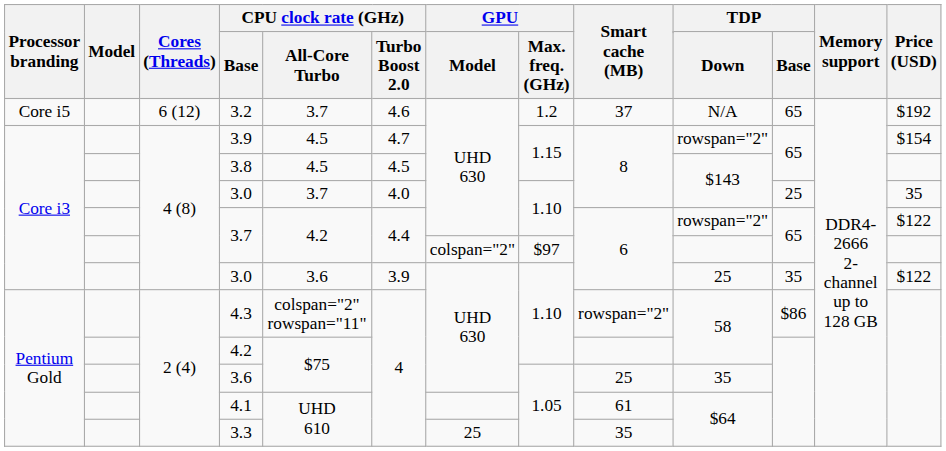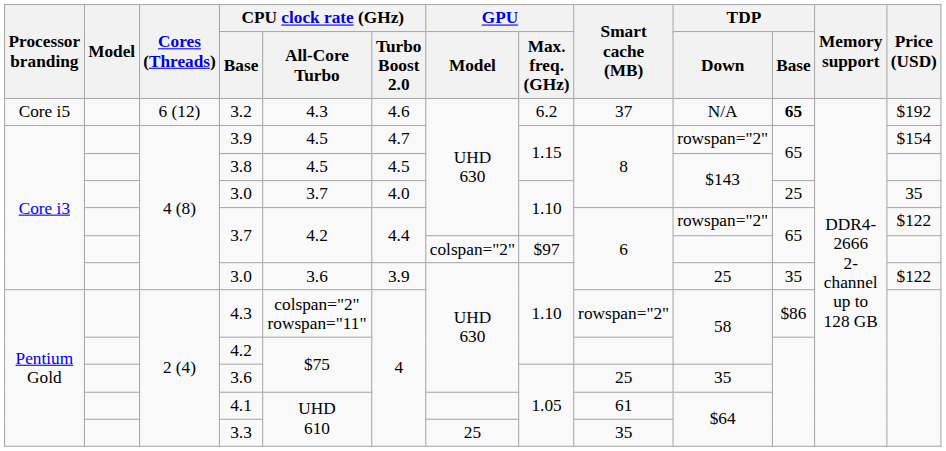 <table class="wikitable sortable" style="text-align: center;">
 <tr>
 <th rowspan="3">Processor<br>branding</th>
 <th rowspan="3">Model</th>
 <th rowspan="3"><a href='#'>Cores</a><br>(<a href='#'>Threads</a>)</th>
 <th colspan="3">CPU <a href='#'>clock rate</a> (GHz)</th>
 <th colspan="2"><a href='#'>GPU</a></th>
 <th rowspan="3">Smart<br>cache<br>(MB)</th>
 <th colspan="2" rowspan="2">TDP</th>
 <th rowspan="3">Memory<br>support</th>
 <th rowspan="3">Price<br>(USD)</th>
 </tr>
 <tr>
 <th rowspan="2">Base</th>
 <th rowspan="2">All-Core<br>Turbo</th>
 <th rowspan="2">Turbo<br>Boost 2.0</th>
 <th rowspan="2">Model</th>
 <th rowspan="2">Max.<br>freq. (GHz)</th>
 </tr>
 <tr>
 <th>Down</th>
 <th>Base</th>
 </tr>
 <tr>
 <td>Core i5</td>
 <td></td>
 <td>6 (12)</td>
 <td>3.2</td>
-<td>3.7</td>
+<td>4.3</td>
 <td>4.6</td>
 <td rowspan="5">UHD<br>630</td>
-<td>1.2</td>
+<td>6.2</td>
 <td>37</td>
 <td>N/A</td>
-<td>65</td>
+<td><strong>65</strong></td>
 <td rowspan="12">DDR4-2666<br>2-channel<br>up to 128 GB</td>
 <td>$192</td>
 </tr>
 <tr>
 <td rowspan="6"><a href='#'>Core i3</a></td>
 <td></td>
 <td rowspan="6">4 (8)</td>
 <td>3.9</td>
 <td>4.5</td>
 <td>4.7</td>
 <td rowspan="2">1.15</td>
 <td rowspan="3">8</td>
 <td>rowspan="2" </td>
 <td rowspan="2">65</td>
 <td>$154</td>
 </tr>
 <tr>
 <td></td>
 <td>3.8</td>
 <td>4.5</td>
 <td>4.5</td>
 <td rowspan="2">$143</td>
 </tr>
 <tr>
 <td></td>
 <td>3.0</td>
 <td>3.7</td>
 <td>4.0</td>
 <td rowspan="2">1.10</td>
 <td>25</td>
 <td>35</td>
 </tr>
 <tr>
 <td></td>
 <td rowspan="2">3.7</td>
 <td rowspan="2">4.2</td>
 <td rowspan="2">4.4</td>
 <td rowspan="3">6</td>
 <td>rowspan="2" </td>
 <td rowspan="2">65</td>
 <td>$122</td>
 </tr>
 <tr>
 <td></td>
 <td>colspan="2" </td>
 <td>$97</td>
 </tr>
 <tr>
 <td></td>
 <td>3.0</td>
 <td>3.6</td>
 <td>3.9</td>
 <td rowspan="4">UHD<br>630</td>
 <td rowspan="3">1.10</td>
 <td>25</td>
 <td>35</td>
 <td>$122</td>
 </tr>
 <tr>
 <td rowspan="5"><a href='#'>Pentium</a><br>Gold</td>
 <td></td>
 <td rowspan="5">2 (4)</td>
 <td>4.3</td>
 <td>colspan="2" rowspan="11" </td>
 <td rowspan="5">4</td>
 <td>rowspan="2" </td>
 <td rowspan="2">58</td>
 <td>$86</td>
 </tr>
 <tr>
 <td></td>
 <td>4.2</td>
 <td rowspan="2">$75</td>
 </tr>
 <tr>
 <td></td>
 <td>3.6</td>
 <td rowspan="3">1.05</td>
 <td>25</td>
 <td>35</td>
 </tr>
 <tr>
 <td></td>
 <td>4.1</td>
 <td rowspan="2">UHD<br>610</td>
 <td></td>
 <td>61</td>
 <td rowspan="2">$64</td>
 </tr>
 <tr>
 <td></td>
 <td>3.3</td>
 <td>25</td>
 <td>35</td>
 </tr>
 </table>
